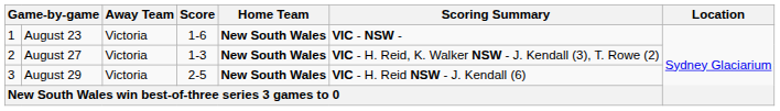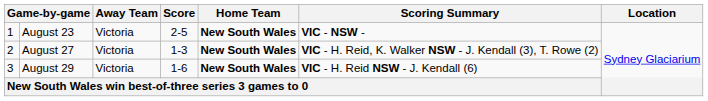 <table class="wikitable">
 <tr>
 <th colspan=2>Game-by-game</th>
 <th>Away Team</th>
 <th>Score</th>
 <th>Home Team</th>
 <th>Scoring Summary</th>
 <th>Location</th>
 </tr>
 <tr>
 <td>1</td>
 <td>August 23</td>
 <td>Victoria</td>
-<td align="center">1-6</td>
+<td align="center">2-5</td>
 <td><strong>New South Wales</strong></td>
 <td><strong>VIC</strong> -  <strong>NSW</strong> -</td>
 <td rowspan="4"><a href='#'>Sydney Glaciarium</a></td>
 </tr>
 <tr>
 <td>2</td>
 <td>August 27</td>
 <td>Victoria</td>
 <td align="center">1-3</td>
 <td><strong>New South Wales</strong></td>
 <td><strong>VIC</strong> - H. Reid, K. Walker <strong>NSW</strong> - J. Kendall (3), T. Rowe (2)</td>
 </tr>
 <tr>
 <td>3</td>
 <td>August 29</td>
 <td>Victoria</td>
-<td align="center">2-5</td>
+<td align="center">1-6</td>
 <td><strong>New South Wales</strong></td>
 <td><strong>VIC</strong> - H. Reid <strong>NSW</strong> - J. Kendall (6)</td>
 </tr>
 <tr>
 <th colspan="7" style="text-align:left;">New South Wales win best-of-three series 3 games to 0</th>
 </tr>
 </table>
